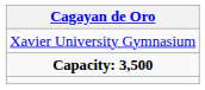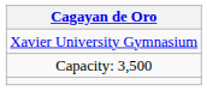 <table class="wikitable" style="text-align:center; margin: 1em auto;">
 <tr>
 <th colspan=2><a href='#'>Cagayan de Oro</a></th>
 </tr>
 <tr>
 <td><a href='#'>Xavier University Gymnasium</a></td>
 </tr>
 <tr>
-<td><strong>Capacity: 3,500</strong></td>
+<td>Capacity: 3,500</td>
 </tr>
 <tr>
 <td></td>
 </tr>
 </table>
